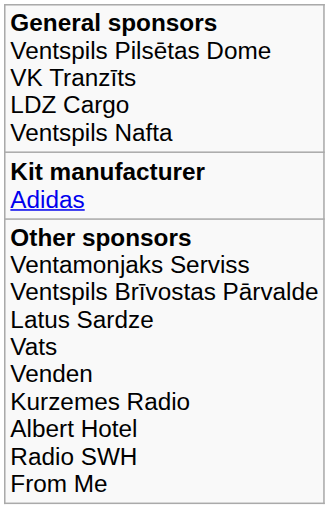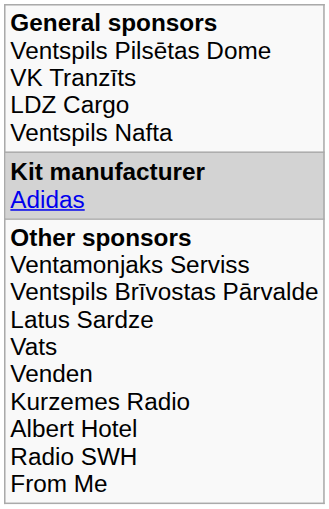 <table class="wikitable">
 <tr>
 <td><strong>General sponsors</strong><br> Ventspils Pilsētas Dome <br>  VK Tranzīts <br>  LDZ Cargo <br>  Ventspils Nafta</td>
 </tr>
 <tr>
-<td><strong>Kit manufacturer</strong><br> <a href='#'>Adidas</a></td>
+<td style="background: lightgrey;"><strong>Kit manufacturer</strong><br> <a href='#'>Adidas</a></td>
 </tr>
 <tr>
 <td><strong>Other sponsors</strong><br> Ventamonjaks Serviss <br>  Ventspils Brīvostas Pārvalde <br>  Latus Sardze <br>  Vats <br>  Venden <br>  Kurzemes Radio <br>  Albert Hotel <br>  Radio SWH <br>  From Me</td>
 </tr>
 </table>
